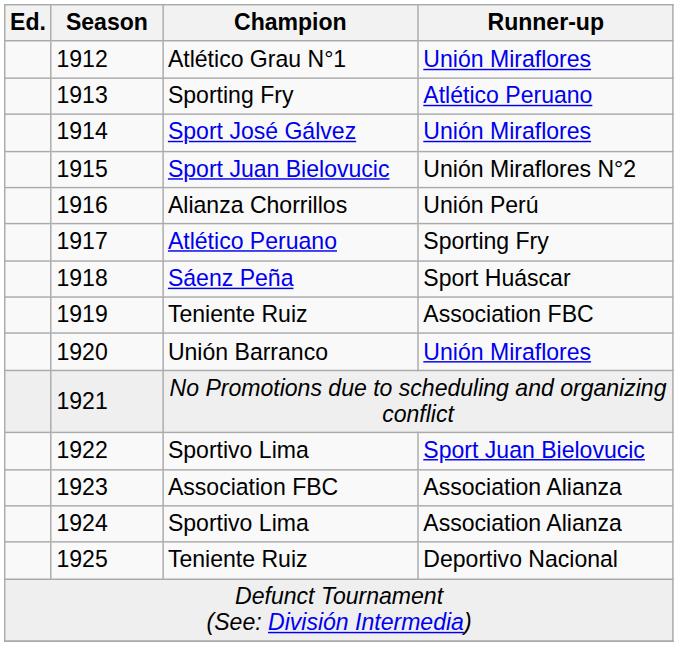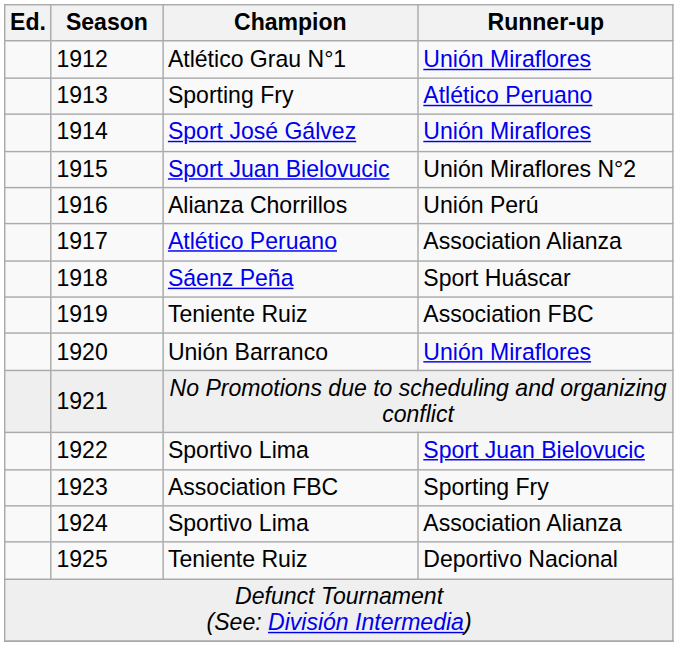 <table class="wikitable sortable">
 <tr>
 <th width=px>Ed.</th>
 <th width="70">Season</th>
 <th width="170">Champion</th>
 <th width="170">Runner-up</th>
 </tr>
 <tr>
 <td></td>
 <td>1912</td>
 <td>Atlético Grau N°1</td>
 <td><a href='#'>Unión Miraflores</a></td>
 </tr>
 <tr>
 <td></td>
 <td>1913</td>
 <td>Sporting Fry</td>
 <td><a href='#'>Atlético Peruano</a></td>
 </tr>
 <tr>
 <td></td>
 <td>1914</td>
 <td><a href='#'>Sport José Gálvez</a></td>
 <td><a href='#'>Unión Miraflores</a></td>
 </tr>
 <tr>
 <td></td>
 <td>1915</td>
 <td><a href='#'>Sport Juan Bielovucic</a></td>
 <td>Unión Miraflores N°2</td>
 </tr>
 <tr>
 <td></td>
 <td>1916</td>
 <td>Alianza Chorrillos</td>
 <td>Unión Perú</td>
 </tr>
 <tr>
 <td></td>
 <td>1917</td>
 <td><a href='#'>Atlético Peruano</a></td>
-<td>Sporting Fry</td>
+<td>Association Alianza</td>
 </tr>
 <tr>
 <td></td>
 <td>1918</td>
 <td><a href='#'>Sáenz Peña</a></td>
 <td>Sport Huáscar</td>
 </tr>
 <tr>
 <td></td>
 <td>1919</td>
 <td>Teniente Ruiz</td>
 <td>Association FBC</td>
 </tr>
 <tr>
 <td></td>
 <td>1920</td>
 <td>Unión Barranco</td>
 <td><a href='#'>Unión Miraflores</a></td>
 </tr>
 <tr bgcolor=#efefef>
 <td></td>
 <td>1921</td>
 <td colspan="2" style="text-align:center;"><em>No Promotions due to scheduling and organizing conflict</em></td>
 </tr>
 <tr>
 <td></td>
 <td>1922</td>
 <td>Sportivo Lima</td>
 <td><a href='#'>Sport Juan Bielovucic</a></td>
 </tr>
 <tr>
 <td></td>
 <td>1923</td>
 <td>Association FBC</td>
-<td>Association Alianza</td>
+<td>Sporting Fry</td>
 </tr>
 <tr>
 <td></td>
 <td>1924</td>
 <td>Sportivo Lima</td>
 <td>Association Alianza</td>
 </tr>
 <tr>
 <td></td>
 <td>1925</td>
 <td>Teniente Ruiz</td>
 <td>Deportivo Nacional</td>
 </tr>
 <tr bgcolor=#efefef>
 <td colspan="4" style="text-align:center;"><em>Defunct Tournament</em><br><em>(See: <a href='#'>División Intermedia</a>)</em></td>
 </tr>
 <tr>
 </tr>
 </table>
